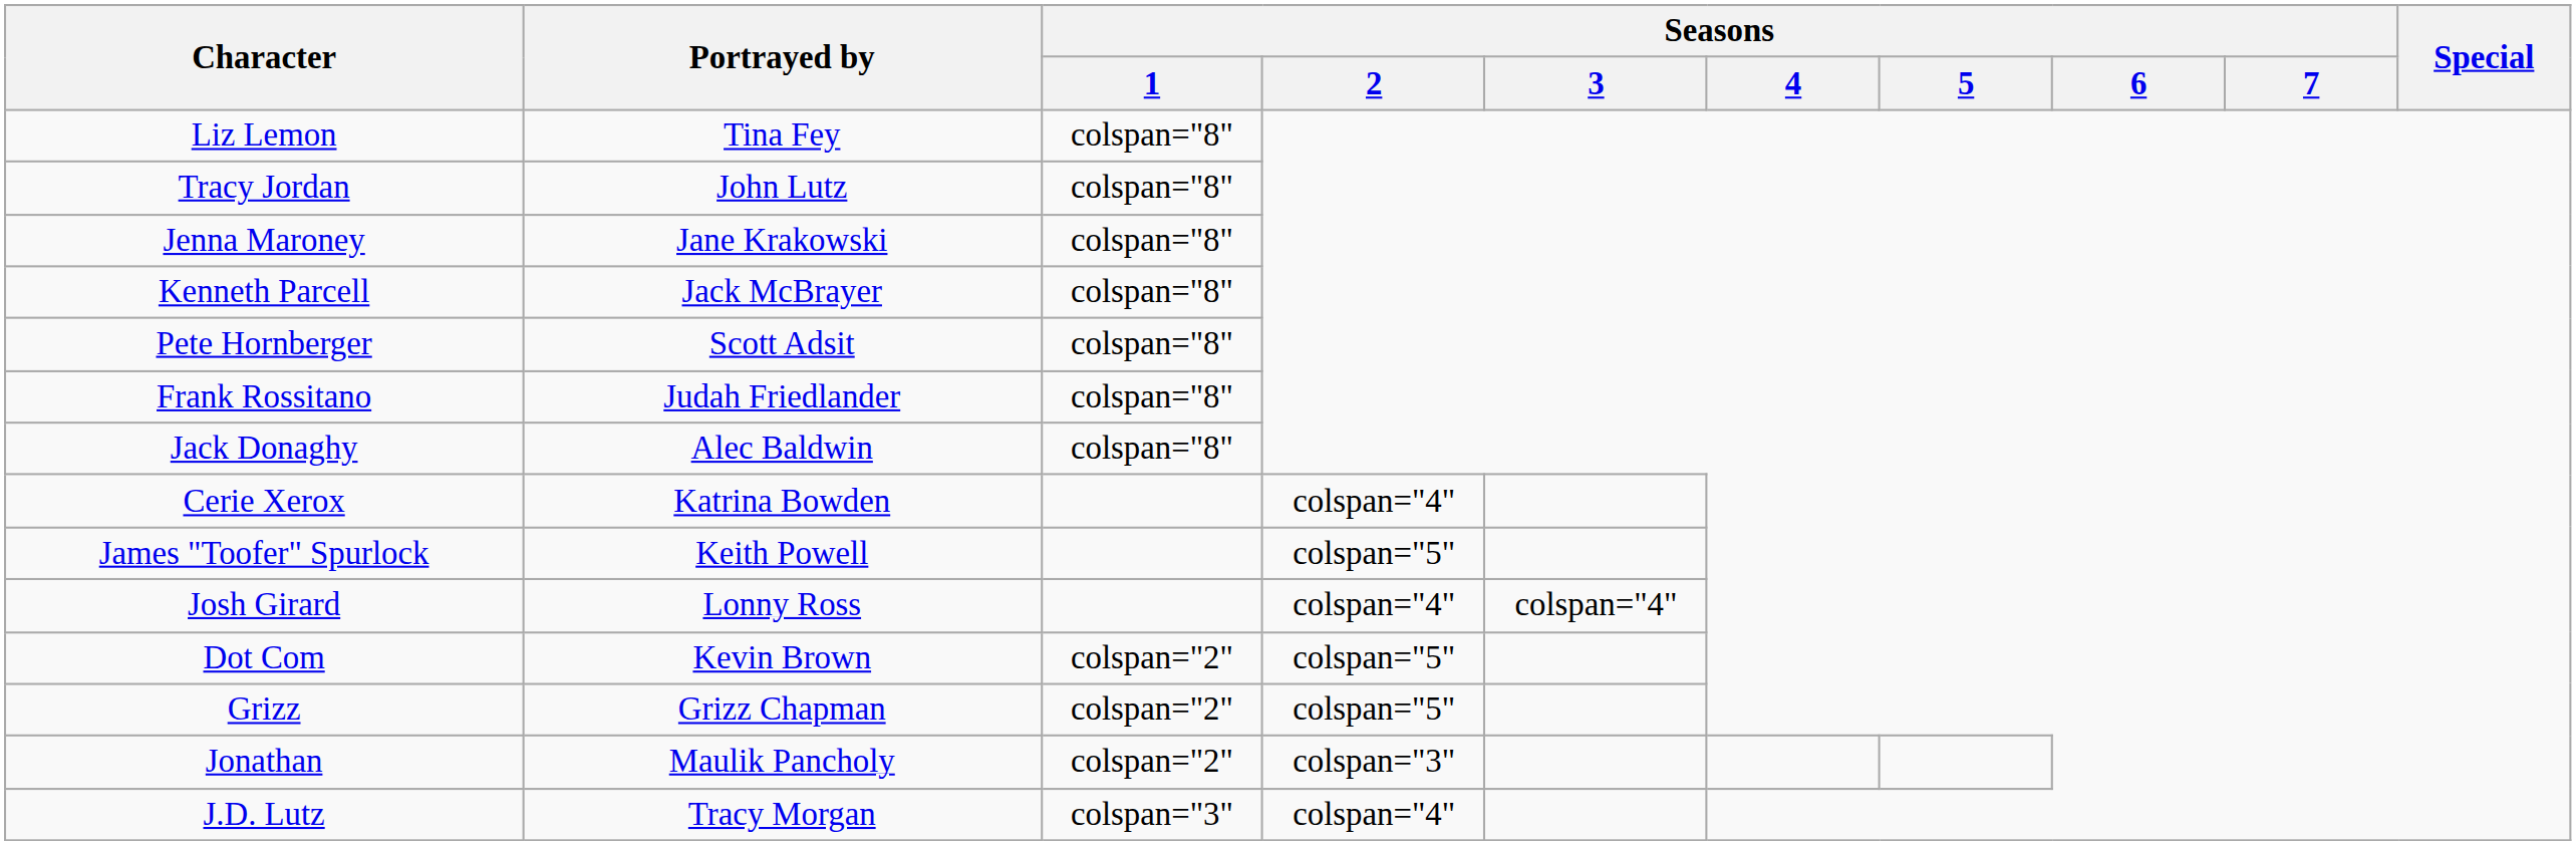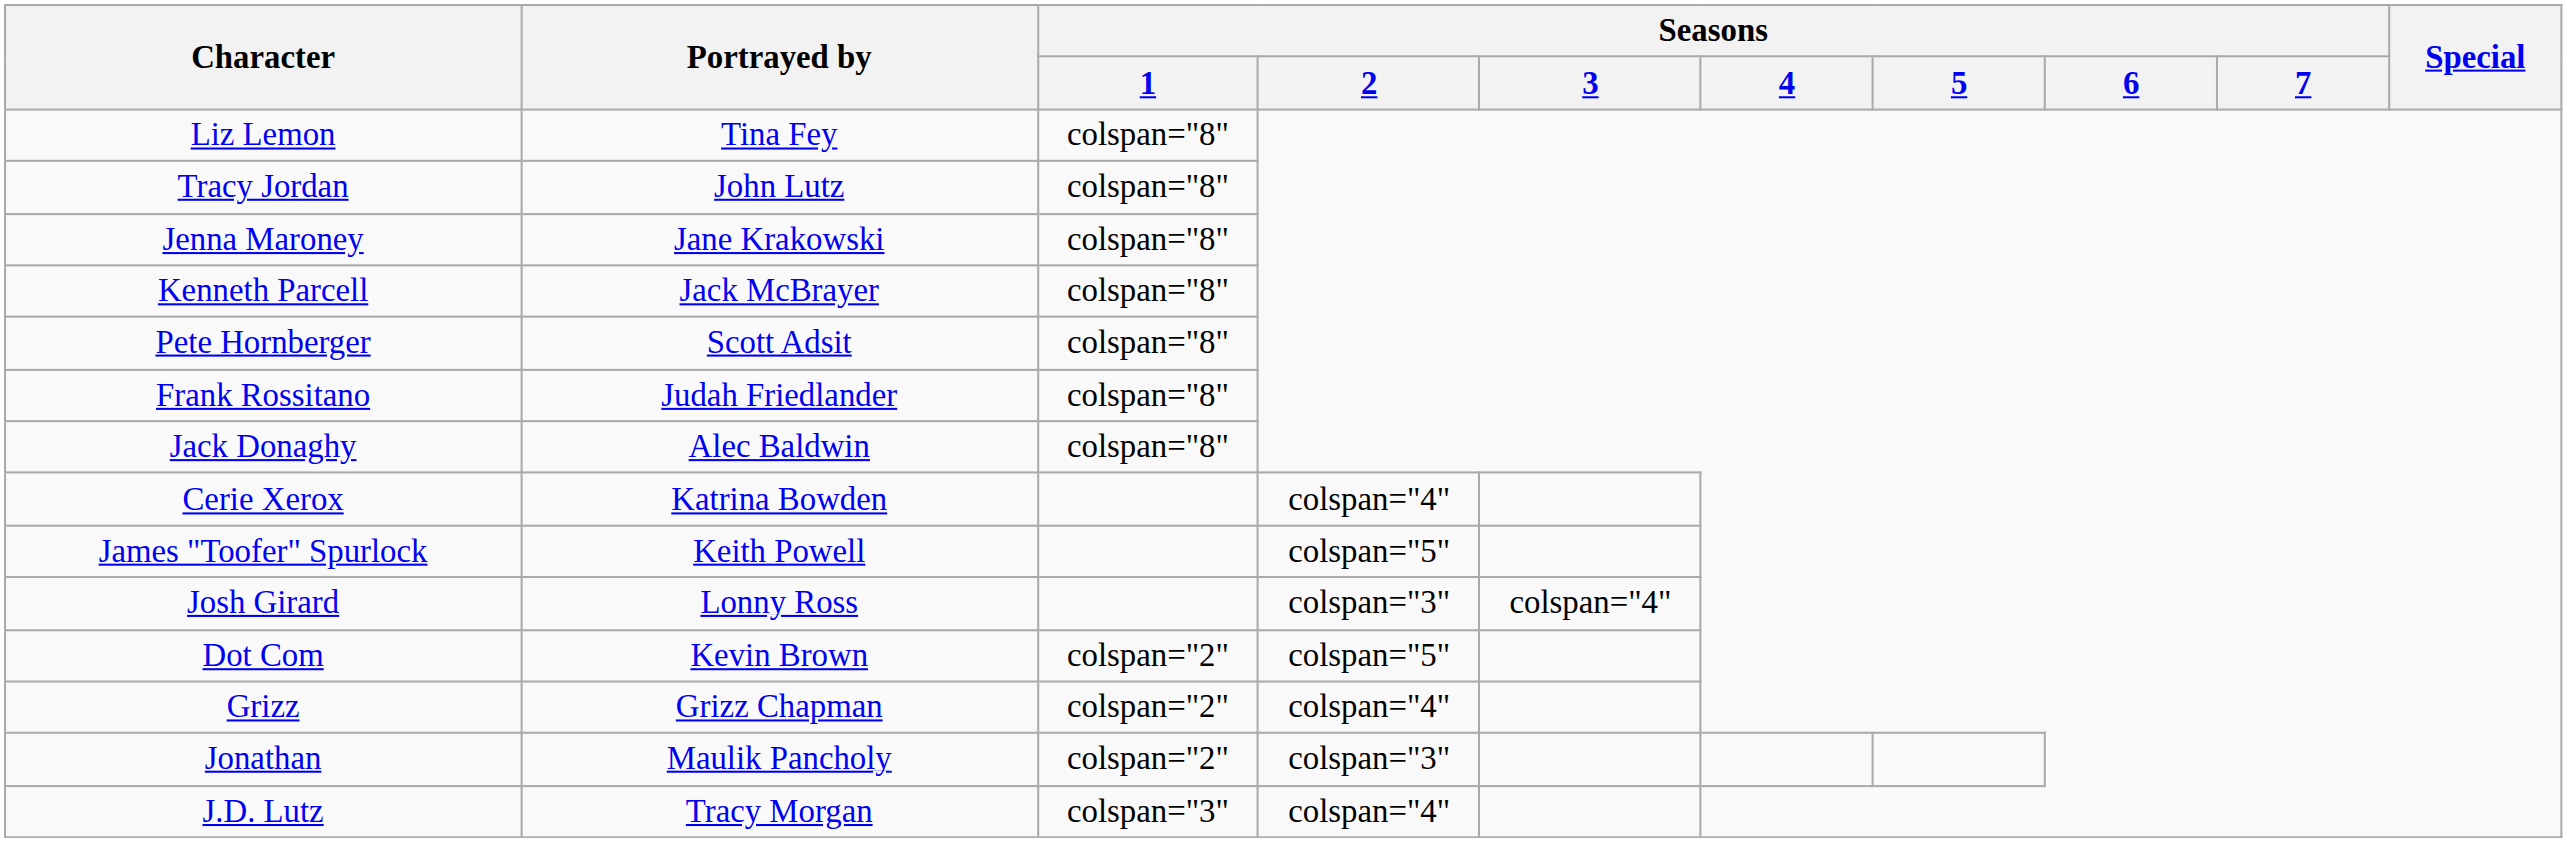 <table class="wikitable plainrowheaders" style="text-align:center">
 <tr>
 <th scope="col" rowspan="2" style="width:15%;">Character</th>
 <th scope="col" rowspan="2" style="width:15%;">Portrayed by</th>
 <th scope="col" colspan="7">Seasons</th>
 <th scope="col" rowspan="2" style="width:5%;"><a href='#'>Special</a></th>
 </tr>
 <tr>
 <th scope="col" style="width:5%;"><a href='#'>1</a></th>
 <th scope="col" style="width:5%;"><a href='#'>2</a></th>
 <th scope="col" style="width:5%;"><a href='#'>3</a></th>
 <th scope="col" style="width:5%;"><a href='#'>4</a></th>
 <th scope="col" style="width:5%;"><a href='#'>5</a></th>
 <th scope="col" style="width:5%;"><a href='#'>6</a></th>
 <th scope="col" style="width:5%;"><a href='#'>7</a></th>
 </tr>
 <tr>
 <td scope="row"><a href='#'>Liz Lemon</a></td>
 <td><a href='#'>Tina Fey</a></td>
 <td>colspan="8" </td>
 </tr>
 <tr>
 <td scope="row"><a href='#'>Tracy Jordan</a></td>
 <td><a href='#'>John Lutz</a></td>
 <td>colspan="8" </td>
 </tr>
 <tr>
 <td scope="row"><a href='#'>Jenna Maroney</a></td>
 <td><a href='#'>Jane Krakowski</a></td>
 <td>colspan="8" </td>
 </tr>
 <tr>
 <td scope="row"><a href='#'>Kenneth Parcell</a></td>
 <td><a href='#'>Jack McBrayer</a></td>
 <td>colspan="8" </td>
 </tr>
 <tr>
 <td scope="row"><a href='#'>Pete Hornberger</a></td>
 <td><a href='#'>Scott Adsit</a></td>
 <td>colspan="8" </td>
 </tr>
 <tr>
 <td scope="row"><a href='#'>Frank Rossitano</a></td>
 <td><a href='#'>Judah Friedlander</a></td>
 <td>colspan="8" </td>
 </tr>
 <tr>
 <td scope="row"><a href='#'>Jack Donaghy</a></td>
 <td><a href='#'>Alec Baldwin</a></td>
 <td>colspan="8" </td>
 </tr>
 <tr>
 <td scope="row"><a href='#'>Cerie Xerox</a></td>
 <td><a href='#'>Katrina Bowden</a></td>
 <td></td>
 <td>colspan="4" </td>
 <td></td>
 </tr>
 <tr>
 <td scope="row"><a href='#'>James "Toofer" Spurlock</a></td>
 <td><a href='#'>Keith Powell</a></td>
 <td></td>
 <td>colspan="5" </td>
 <td></td>
 </tr>
 <tr>
 <td scope="row"><a href='#'>Josh Girard</a></td>
 <td><a href='#'>Lonny Ross</a></td>
 <td></td>
-<td>colspan="4" </td>
+<td>colspan="3" </td>
 <td>colspan="4" </td>
 </tr>
 <tr>
 <td scope="row"><a href='#'>Dot Com</a></td>
 <td><a href='#'>Kevin Brown</a></td>
 <td>colspan="2" </td>
 <td>colspan="5" </td>
 <td></td>
 </tr>
 <tr>
 <td scope="row"><a href='#'>Grizz</a></td>
 <td><a href='#'>Grizz Chapman</a></td>
 <td>colspan="2" </td>
-<td>colspan="5" </td>
+<td>colspan="4" </td>
 <td></td>
 </tr>
 <tr>
 <td scope="row"><a href='#'>Jonathan</a></td>
 <td><a href='#'>Maulik Pancholy</a></td>
 <td>colspan="2" </td>
 <td>colspan="3" </td>
 <td></td>
 <td></td>
 <td></td>
 </tr>
 <tr>
 <td scope="row"><a href='#'>J.D. Lutz</a></td>
 <td><a href='#'>Tracy Morgan</a></td>
 <td>colspan="3" </td>
 <td>colspan="4" </td>
 <td></td>
 </tr>
 </table>
